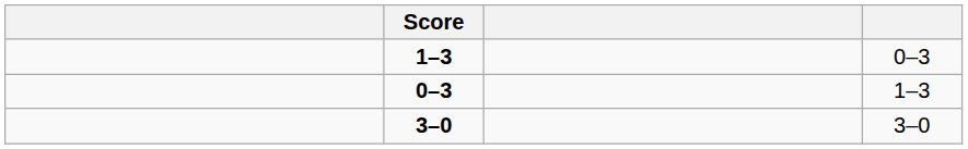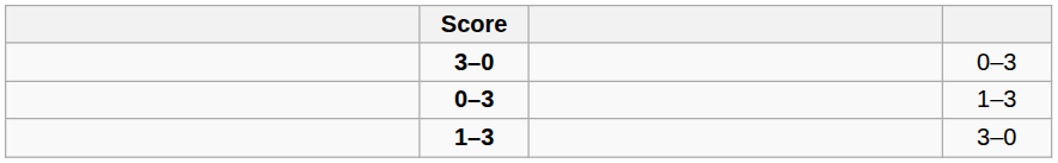 <table class="wikitable" style="text-align: center; ">
 <tr>
 <th align="right" width="270"></th>
 <th width="65">Score</th>
 <th align="left" width="270"></th>
 <th width="65"></th>
 </tr>
 <tr>
 <td align="left"></td>
-<td><strong>1–3</strong></td>
+<td><strong>3–0</strong></td>
 <td align="left"><strong></strong></td>
 <td>0–3 <strong></strong></td>
 </tr>
 <tr>
 <td align="left"></td>
 <td><strong>0–3</strong></td>
 <td align="left"><strong></strong></td>
 <td>1–3 <strong></strong></td>
 </tr>
 <tr>
 <td align="left"><strong></strong></td>
-<td><strong>3–0</strong></td>
+<td><strong>1–3</strong></td>
 <td align="left"></td>
 <td>3–0 <strong></strong></td>
 </tr>
 </table>
